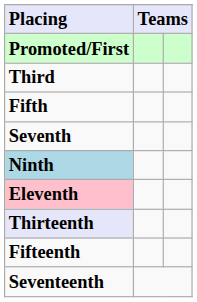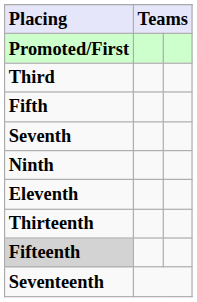 <table class=wikitable>
 <tr>
 </tr>
 <tr style="background: #E6E6FA;">
 <td><strong>Placing</strong></td>
 <td colspan="3" style="text-align:center"><strong>Teams</strong></td>
 </tr>
 <tr style="background: #ccffcc;">
 <td><strong>Promoted/First</strong></td>
 <td><strong></strong></td>
 <td><strong></strong></td>
 </tr>
 <tr>
 <td><strong>Third</strong></td>
 <td></td>
 <td></td>
 </tr>
 <tr>
 <td><strong>Fifth</strong></td>
 <td></td>
 <td></td>
 </tr>
 <tr>
 <td><strong>Seventh</strong></td>
 <td></td>
 <td></td>
 </tr>
 <tr>
-<td style="background: lightblue;"><strong>Ninth</strong></td>
+<td><strong>Ninth</strong></td>
 <td></td>
 <td></td>
 </tr>
 <tr>
-<td style="background: pink;"><strong>Eleventh</strong></td>
+<td><strong>Eleventh</strong></td>
 <td></td>
 <td></td>
 </tr>
 <tr>
-<td style="background: lavender;"><strong>Thirteenth</strong></td>
+<td><strong>Thirteenth</strong></td>
 <td></td>
 <td></td>
 </tr>
 <tr>
-<td><strong>Fifteenth</strong></td>
+<td style="background: lightgrey;"><strong>Fifteenth</strong></td>
 <td></td>
 <td></td>
 </tr>
 <tr>
 <td><strong>Seventeenth</strong></td>
 <td colspan=2></td>
 </tr>
 </table>
